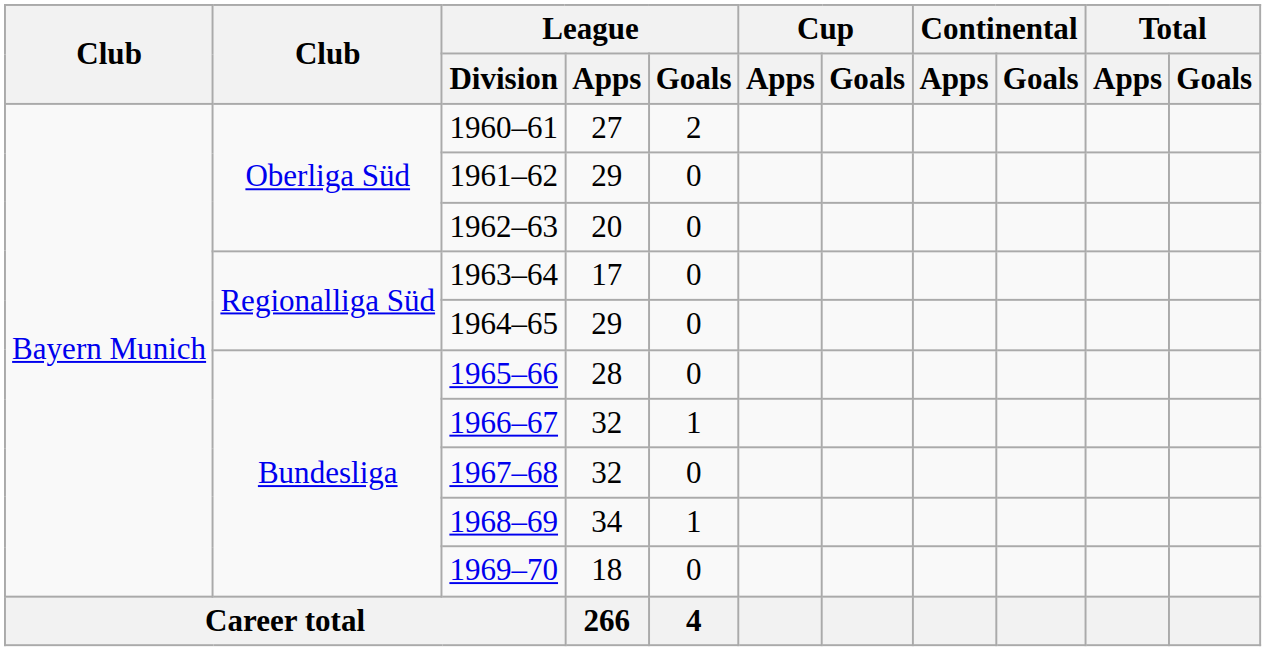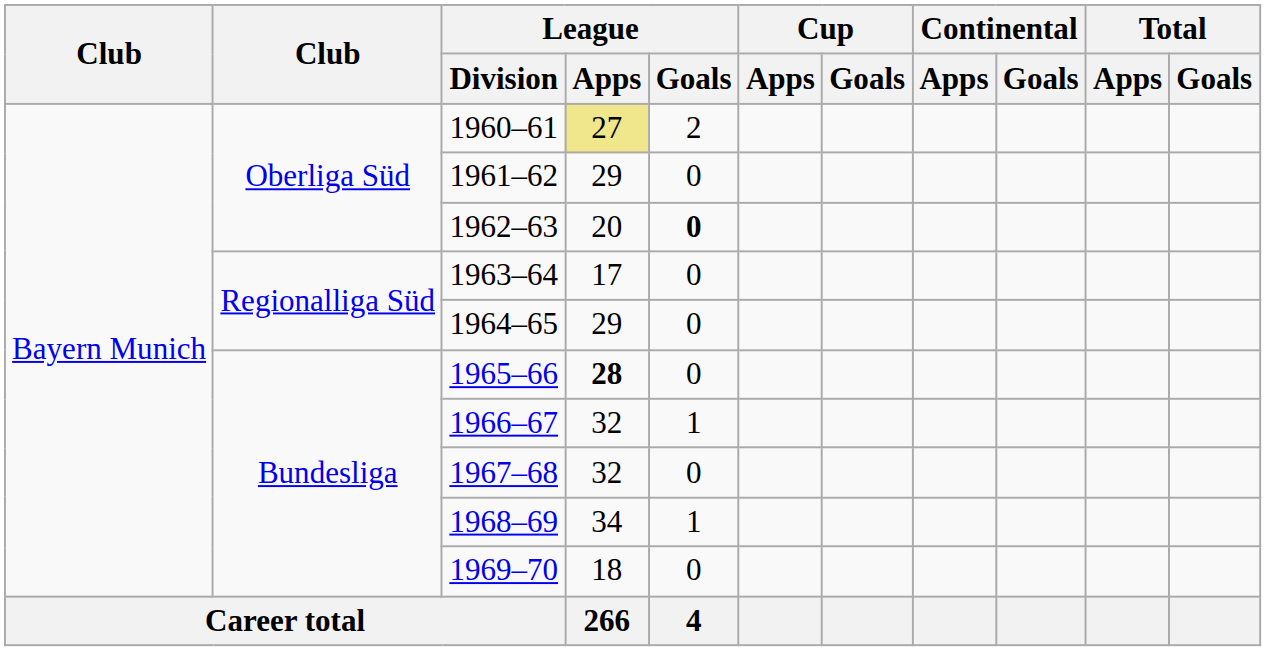 <table class="wikitable" style="text-align:center">
 <tr>
 <th rowspan="2">Club</th>
 <th rowspan="2">Club</th>
 <th colspan="3">League</th>
 <th colspan="2">Cup</th>
 <th colspan="2">Continental</th>
 <th colspan="2">Total</th>
 </tr>
 <tr>
 <th>Division</th>
 <th>Apps</th>
 <th>Goals</th>
 <th>Apps</th>
 <th>Goals</th>
 <th>Apps</th>
 <th>Goals</th>
 <th>Apps</th>
 <th>Goals</th>
 </tr>
 <tr>
 <td rowspan="10"><a href='#'>Bayern Munich</a></td>
 <td rowspan="3"><a href='#'>Oberliga Süd</a></td>
 <td>1960–61</td>
-<td>27</td>
+<td style="background: khaki;">27</td>
 <td>2</td>
 <td></td>
 <td></td>
 <td></td>
 <td></td>
 <td></td>
 <td></td>
 </tr>
 <tr>
 <td>1961–62</td>
 <td>29</td>
 <td>0</td>
 <td></td>
 <td></td>
 <td></td>
 <td></td>
 <td></td>
 <td></td>
 </tr>
 <tr>
 <td>1962–63</td>
 <td>20</td>
-<td>0</td>
+<td><strong>0</strong></td>
 <td></td>
 <td></td>
 <td></td>
 <td></td>
 <td></td>
 <td></td>
 </tr>
 <tr>
 <td rowspan="2"><a href='#'>Regionalliga Süd</a></td>
 <td>1963–64</td>
 <td>17</td>
 <td>0</td>
 <td></td>
 <td></td>
 <td></td>
 <td></td>
 <td></td>
 <td></td>
 </tr>
 <tr>
 <td>1964–65</td>
 <td>29</td>
 <td>0</td>
 <td></td>
 <td></td>
 <td></td>
 <td></td>
 <td></td>
 <td></td>
 </tr>
 <tr>
 <td rowspan="5"><a href='#'>Bundesliga</a></td>
 <td><a href='#'>1965–66</a></td>
-<td>28</td>
+<td><strong>28</strong></td>
 <td>0</td>
 <td></td>
 <td></td>
 <td></td>
 <td></td>
 <td></td>
 <td></td>
 </tr>
 <tr>
 <td><a href='#'>1966–67</a></td>
 <td>32</td>
 <td>1</td>
 <td></td>
 <td></td>
 <td></td>
 <td></td>
 <td></td>
 <td></td>
 </tr>
 <tr>
 <td><a href='#'>1967–68</a></td>
 <td>32</td>
 <td>0</td>
 <td></td>
 <td></td>
 <td></td>
 <td></td>
 <td></td>
 <td></td>
 </tr>
 <tr>
 <td><a href='#'>1968–69</a></td>
 <td>34</td>
 <td>1</td>
 <td></td>
 <td></td>
 <td></td>
 <td></td>
 <td></td>
 <td></td>
 </tr>
 <tr>
 <td><a href='#'>1969–70</a></td>
 <td>18</td>
 <td>0</td>
 <td></td>
 <td></td>
 <td></td>
 <td></td>
 <td></td>
 <td></td>
 </tr>
 <tr>
 <th colspan="3">Career total</th>
 <th>266</th>
 <th>4</th>
 <th></th>
 <th></th>
 <th></th>
 <th></th>
 <th></th>
 <th></th>
 </tr>
 </table>
